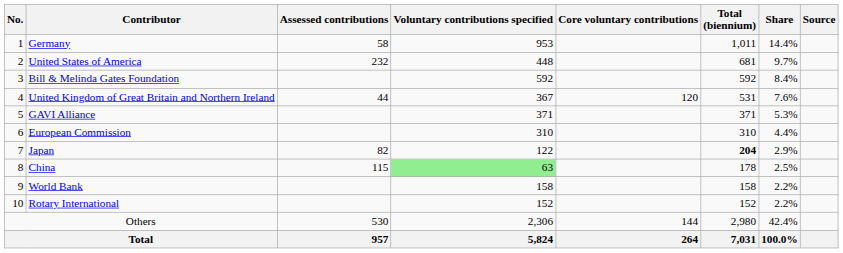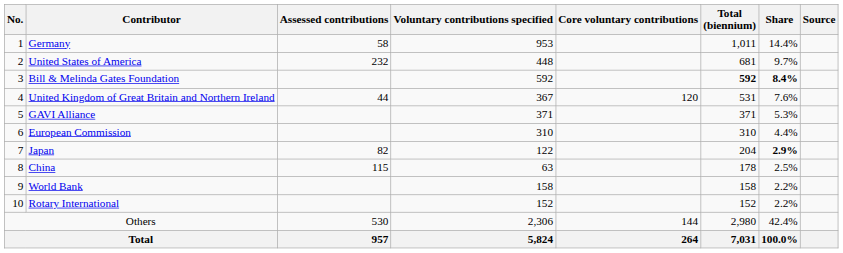 <table class="wikitable" style="text-align:right;">
 <tr>
 <th>No.</th>
 <th>Contributor</th>
 <th>Assessed contributions</th>
 <th>Voluntary contributions specified</th>
 <th>Core voluntary contributions</th>
 <th>Total<br>(biennium)</th>
 <th>Share</th>
 <th>Source</th>
 </tr>
 <tr>
 <td>1</td>
 <td style="text-align:left;"><a href='#'>Germany</a></td>
 <td>58</td>
 <td>953</td>
 <td></td>
 <td>1,011</td>
 <td>14.4%</td>
 <td></td>
 </tr>
 <tr>
 <td>2</td>
 <td style="text-align:left;"><a href='#'>United States of America</a></td>
 <td>232</td>
 <td>448</td>
 <td></td>
 <td>681</td>
 <td>9.7%</td>
 <td></td>
 </tr>
 <tr>
 <td>3</td>
 <td style="text-align:left;"><a href='#'>Bill & Melinda Gates Foundation</a></td>
 <td></td>
 <td>592</td>
 <td></td>
-<td>592</td>
-<td>8.4%</td>
+<td><strong>592</strong></td>
+<td><strong>8.4%</strong></td>
 <td></td>
 </tr>
 <tr>
 <td>4</td>
 <td style="text-align:left;"><a href='#'>United Kingdom of Great Britain and Northern Ireland</a></td>
 <td>44</td>
 <td>367</td>
 <td>120</td>
 <td>531</td>
 <td>7.6%</td>
 <td></td>
 </tr>
 <tr>
 <td>5</td>
 <td style="text-align:left;"><a href='#'>GAVI Alliance</a></td>
 <td></td>
 <td>371</td>
 <td></td>
 <td>371</td>
 <td>5.3%</td>
 <td></td>
 </tr>
 <tr>
 <td>6</td>
 <td style="text-align:left;"><a href='#'>European Commission</a></td>
 <td></td>
 <td>310</td>
 <td></td>
 <td>310</td>
 <td>4.4%</td>
 <td></td>
 </tr>
 <tr>
 <td>7</td>
 <td style="text-align:left;"><a href='#'>Japan</a></td>
 <td>82</td>
 <td>122</td>
 <td></td>
-<td><strong>204</strong></td>
-<td>2.9%</td>
+<td>204</td>
+<td><strong>2.9%</strong></td>
 <td></td>
 </tr>
 <tr>
 <td>8</td>
 <td style="text-align:left;"><a href='#'>China</a></td>
 <td>115</td>
-<td style="background: lightgreen;">63</td>
+<td>63</td>
 <td></td>
 <td>178</td>
 <td>2.5%</td>
 <td></td>
 </tr>
 <tr>
 <td>9</td>
 <td style="text-align:left;"><a href='#'>World Bank</a></td>
 <td></td>
 <td>158</td>
 <td></td>
 <td>158</td>
 <td>2.2%</td>
 <td></td>
 </tr>
 <tr>
 <td>10</td>
 <td style="text-align:left;"><a href='#'>Rotary International</a></td>
 <td></td>
 <td>152</td>
 <td></td>
 <td>152</td>
 <td>2.2%</td>
 <td></td>
 </tr>
 <tr>
 <td colspan="2" style="text-align:center;">Others</td>
 <td>530</td>
 <td>2,306</td>
 <td>144</td>
 <td>2,980</td>
 <td>42.4%</td>
 <td></td>
 </tr>
 <tr>
 <th colspan="2">Total</th>
 <th style="text-align:right;">957</th>
 <th style="text-align:right;">5,824</th>
 <th style="text-align:right;">264</th>
 <th style="text-align:right;">7,031</th>
 <th>100.0%</th>
 <th></th>
 </tr>
 </table>
